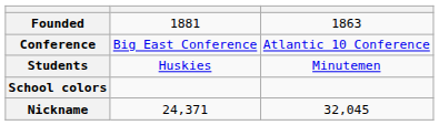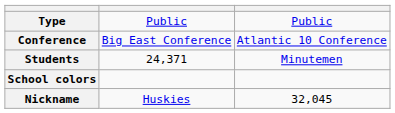 <table class="wikitable" style="float:right; clear:right; margin-left:1em; font-size:88%;">
 <tr>
 <th></th>
 <th><a href='#'></a></th>
 <th><a href='#'></a></th>
 </tr>
 <tr>
-<th scope=row>Founded</th>
-<td align=center>1881</td>
-<td align=center>1863</td>
+<th scope=row>Type</th>
+<td align=center><a href='#'>Public</a></td>
+<td align=center><a href='#'>Public</a></td>
 </tr>
 <tr>
 <th scope=row>Conference</th>
 <td align=center><a href='#'>Big East Conference</a></td>
 <td align=center><a href='#'>Atlantic 10 Conference</a><br></td>
 </tr>
 <tr>
 <th scope=row>Students</th>
-<td align=center><a href='#'>Huskies</a></td>
+<td align=center>24,371</td>
 <td align=center><a href='#'>Minutemen</a></td>
 </tr>
 <tr>
 <th scope=row>School colors</th>
 <td align=center></td>
 <td align=center></td>
 </tr>
 <tr>
 <th scope=row>Nickname</th>
-<td align=center>24,371</td>
+<td align=center><a href='#'>Huskies</a></td>
 <td align=center>32,045</td>
 </tr>
 </table>
